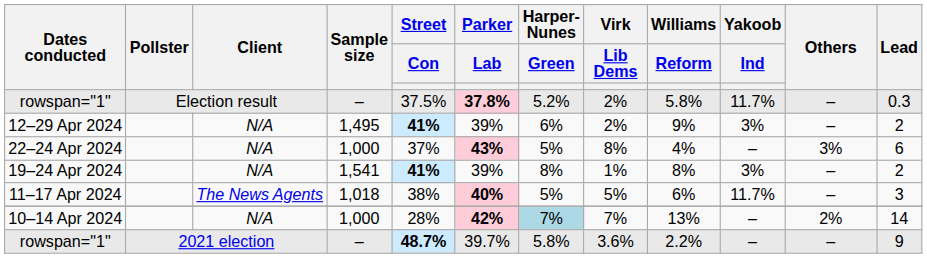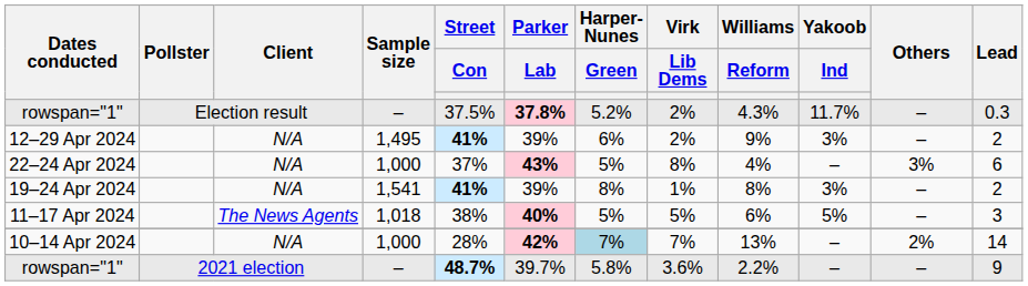 <table class="wikitable sortable mw-datatable" style="text-align:center;font-size:90%;line-height:14px;">
 <tr>
 <th rowspan="3">Dates<br>conducted</th>
 <th rowspan="3">Pollster</th>
 <th rowspan="3">Client</th>
 <th rowspan="3" data-sort-type="number">Sample<br>size</th>
 <th style="width:50px;"><a href='#'>Street</a></th>
 <th style="width:50px;"><a href='#'>Parker</a></th>
 <th style="width:50px;">Harper-Nunes</th>
 <th style="width:50px;">Virk</th>
 <th style="width:50px;">Williams</th>
 <th style="width:50px;">Yakoob</th>
 <th rowspan="3" class="unsortable" style="width:75px;">Others</th>
 <th rowspan="3" data-sort-type="number">Lead</th>
 </tr>
 <tr>
 <th class="unsortable" style="width:50px;"><a href='#'>Con</a></th>
 <th class="unsortable" style="width:50px;"><a href='#'>Lab</a></th>
 <th class="unsortable" style="width:50px;"><a href='#'>Green</a></th>
 <th class="unsortable" style="width:50px;"><a href='#'>Lib Dems</a></th>
 <th class="unsortable" style="width:50px;"><a href='#'>Reform</a></th>
 <th class="unsortable" style="width:50px;"><a href='#'>Ind</a></th>
 </tr>
 <tr>
 <th data-sort-type="number" style="background:"></th>
 <th data-sort-type="number" style="background:"></th>
 <th data-sort-type="number" style="background:"></th>
 <th data-sort-type="number" style="background:"></th>
 <th data-sort-type="number" style="background:"></th>
 <th data-sort-type="number" style="background:"></th>
 </tr>
 <tr style="background:#E9E9E9;">
 <td>rowspan="1" </td>
 <td colspan="2" rowspan="1">Election result</td>
 <td>–</td>
 <td>37.5%</td>
 <td style="background:#FFCCD9;"><strong>37.8%</strong></td>
 <td>5.2%</td>
 <td>2%</td>
-<td>5.8%</td>
+<td>4.3%</td>
 <td>11.7%</td>
 <td>–</td>
 <td style="background:">0.3</td>
 </tr>
 <tr>
 <td>12–29 Apr 2024</td>
 <td></td>
 <td><em>N/A</em></td>
 <td>1,495</td>
 <td style="background:#CCEBFF;"><strong>41%</strong></td>
 <td>39%</td>
 <td>6%</td>
 <td>2%</td>
 <td>9%</td>
 <td>3%</td>
 <td>–</td>
 <td style="background:">2</td>
 </tr>
 <tr>
 <td>22–24 Apr 2024</td>
 <td></td>
 <td><em>N/A</em></td>
 <td>1,000</td>
 <td>37%</td>
 <td style="background:#FFCCD9;"><strong>43%</strong></td>
 <td>5%</td>
 <td>8%</td>
 <td>4%</td>
 <td>–</td>
 <td>3%</td>
 <td style="background:">6</td>
 </tr>
 <tr>
 <td>19–24 Apr 2024</td>
 <td></td>
 <td><em>N/A</em></td>
 <td>1,541</td>
 <td style="background:#CCEBFF;"><strong>41%</strong></td>
 <td>39%</td>
 <td>8%</td>
 <td>1%</td>
 <td>8%</td>
 <td>3%</td>
 <td>–</td>
 <td style="background:">2</td>
 </tr>
 <tr>
 <td>11–17 Apr 2024</td>
 <td></td>
 <td><em><a href='#'>The News Agents</a></em></td>
 <td>1,018</td>
 <td>38%</td>
 <td style="background:#FFCCD9;"><strong>40%</strong></td>
 <td>5%</td>
 <td>5%</td>
 <td>6%</td>
-<td>11.7%</td>
+<td>5%</td>
 <td>–</td>
 <td style="background:">3</td>
 </tr>
 <tr style="background:#E9E9E9;">
 </tr>
 <tr>
 <td>10–14 Apr 2024</td>
 <td></td>
 <td><em>N/A</em></td>
 <td>1,000</td>
 <td>28%</td>
 <td style="background:#FFCCD9;"><strong>42%</strong></td>
 <td style="background: lightblue;">7%</td>
 <td>7%</td>
 <td>13%</td>
 <td>–</td>
 <td>2%</td>
 <td style="background:">14</td>
 </tr>
 <tr style="background:#E9E9E9;">
 <td>rowspan="1" </td>
 <td colspan="2" rowspan="1"><a href='#'>2021 election</a></td>
 <td>–</td>
 <td style="background:#CCEBFF;"><strong>48.7%</strong></td>
 <td>39.7%</td>
 <td>5.8%</td>
 <td>3.6%</td>
 <td>2.2%</td>
 <td>–</td>
 <td>–</td>
 <td style="background:">9</td>
 </tr>
 </table>
